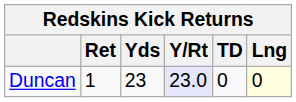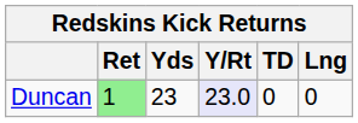 <table class="wikitable">
 <tr>
 <th colspan="6">Redskins Kick Returns</th>
 </tr>
 <tr>
 <th></th>
 <th>Ret</th>
 <th>Yds</th>
 <th>Y/Rt</th>
 <th>TD</th>
 <th>Lng</th>
 </tr>
 <tr>
 <td><a href='#'>Duncan</a></td>
-<td>1</td>
+<td style="background: lightgreen;">1</td>
 <td>23</td>
 <td style="background: lavender;">23.0</td>
 <td>0</td>
-<td style="background: lightyellow;">0</td>
+<td>0</td>
 </tr>
 </table>
